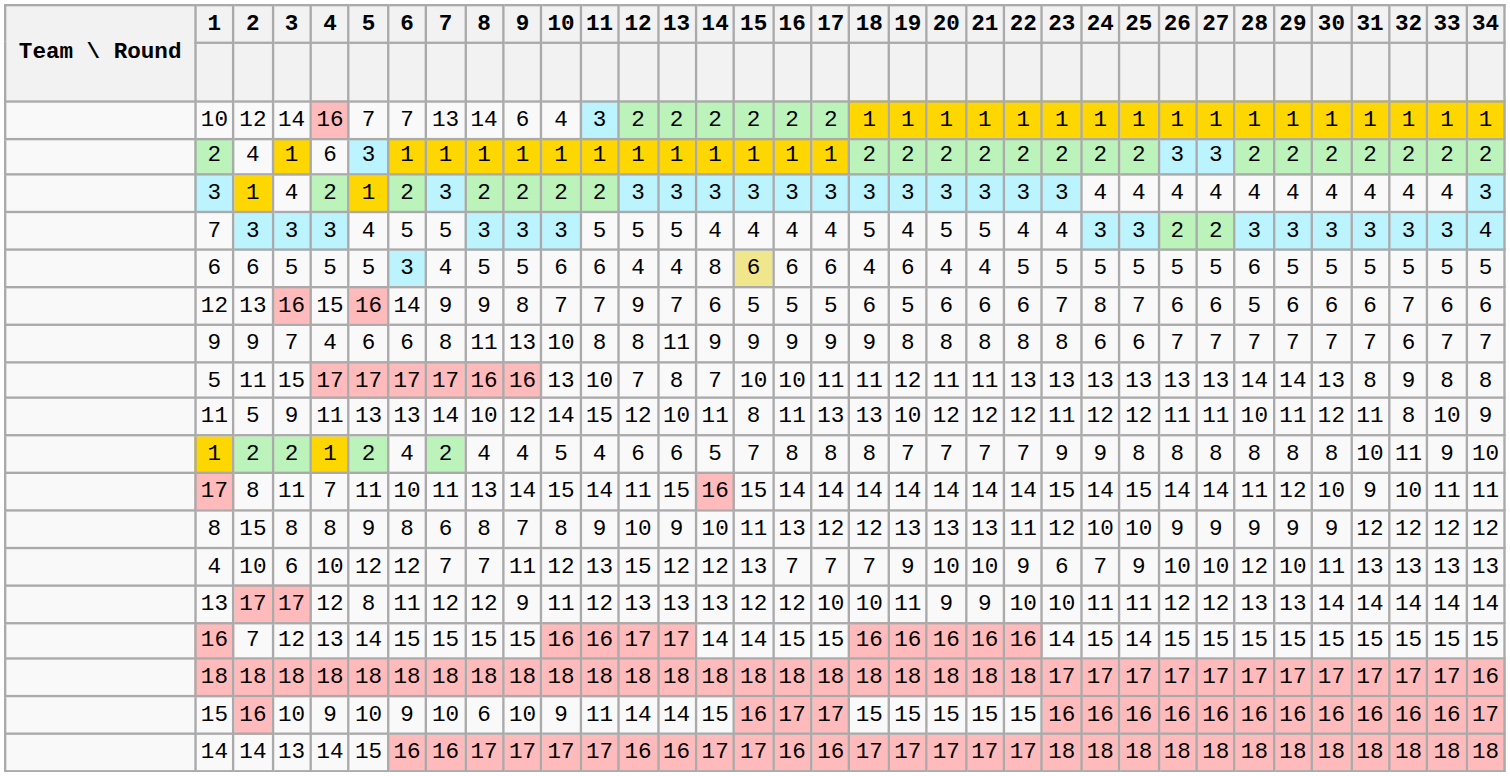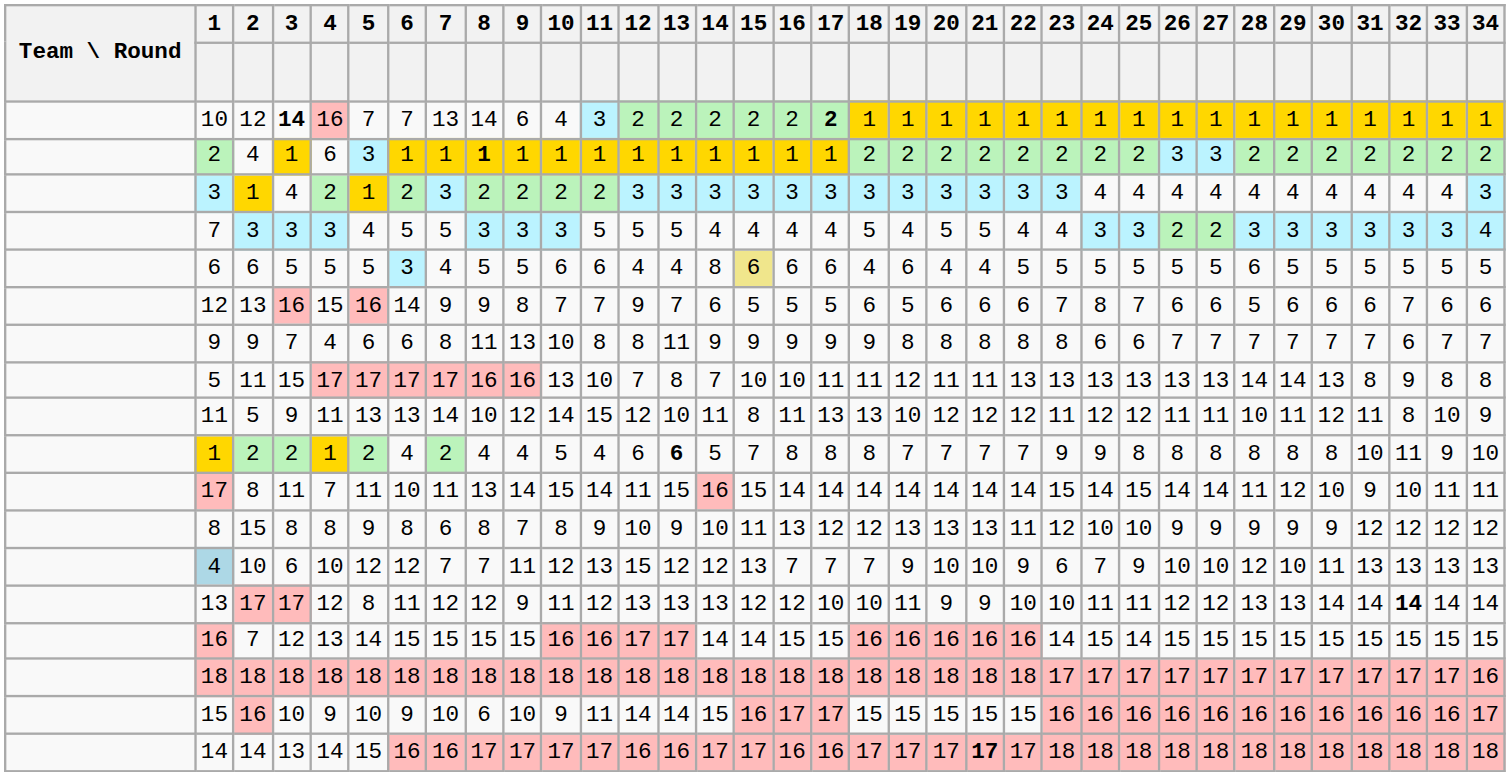 <table class="wikitable sortable" style="font-size: 74%; text-align:center">
 <tr>
 <th rowspan="2" style="width:76px;">Team \ Round</th>
 <th align=center>1</th>
 <th align=center>2</th>
 <th align=center>3</th>
 <th align=center>4</th>
 <th align=center>5</th>
 <th align=center>6</th>
 <th align=center>7</th>
 <th align=center>8</th>
 <th align=center>9</th>
 <th align=center>10</th>
 <th align=center>11</th>
 <th align=center>12</th>
 <th align=center>13</th>
 <th align=center>14</th>
 <th align=center>15</th>
 <th align=center>16</th>
 <th align=center>17</th>
 <th align=center>18</th>
 <th align=center>19</th>
 <th align=center>20</th>
 <th align=center>21</th>
 <th align=center>22</th>
 <th align=center>23</th>
 <th align=center>24</th>
 <th align=center>25</th>
 <th align=center>26</th>
 <th align=center>27</th>
 <th align=center>28</th>
 <th align=center>29</th>
 <th align=center>30</th>
 <th align=center>31</th>
 <th align=center>32</th>
 <th align=center>33</th>
 <th align=center>34</th>
 </tr>
 <tr>
 <th style="text-align:center; height:20px;"></th>
 <th align=center></th>
 <th align=center></th>
 <th align=center></th>
 <th align=center></th>
 <th align=center></th>
 <th align=center></th>
 <th align=center></th>
 <th align=center></th>
 <th align=center></th>
 <th align=center></th>
 <th align=center></th>
 <th align=center></th>
 <th align=center></th>
 <th align=center></th>
 <th align=center></th>
 <th align=center></th>
 <th align=center></th>
 <th align=center></th>
 <th align=center></th>
 <th align=center></th>
 <th align=center></th>
 <th align=center></th>
 <th align=center></th>
 <th align=center></th>
 <th align=center></th>
 <th align=center></th>
 <th align=center></th>
 <th align=center></th>
 <th align=center></th>
 <th align=center></th>
 <th align=center></th>
 <th align=center></th>
 <th align=center></th>
 </tr>
 <tr align=center>
 <td align=left></td>
 <td>10</td>
 <td>12</td>
-<td>14</td>
+<td><strong>14</strong></td>
 <td style="background:#FFBBBB">16</td>
 <td>7</td>
 <td>7</td>
 <td>13</td>
 <td>14</td>
 <td>6</td>
 <td>4</td>
 <td style="background:#BBF3FF">3</td>
 <td style="background:#BBF3BB">2</td>
 <td style="background:#BBF3BB">2</td>
 <td style="background:#BBF3BB">2</td>
 <td style="background:#BBF3BB">2</td>
 <td style="background:#BBF3BB">2</td>
-<td style="background:#BBF3BB">2</td>
+<td style="background:#BBF3BB"><strong>2</strong></td>
 <td style="background:gold">1</td>
 <td style="background:gold">1</td>
 <td style="background:gold">1</td>
 <td style="background:gold">1</td>
 <td style="background:gold">1</td>
 <td style="background:gold">1</td>
 <td style="background:gold">1</td>
 <td style="background:gold">1</td>
 <td style="background:gold">1</td>
 <td style="background:gold">1</td>
 <td style="background:gold">1</td>
 <td style="background:gold">1</td>
 <td style="background:gold">1</td>
 <td style="background:gold">1</td>
 <td style="background:gold">1</td>
 <td style="background:gold">1</td>
 <td style="background:gold">1</td>
 </tr>
 <tr align=center>
 <td align=left></td>
 <td style="background:#BBF3BB">2</td>
 <td>4</td>
 <td style="background:gold">1</td>
 <td>6</td>
 <td style="background:#BBF3FF">3</td>
 <td style="background:gold">1</td>
 <td style="background:gold">1</td>
-<td style="background:gold">1</td>
+<td style="background:gold"><strong>1</strong></td>
 <td style="background:gold">1</td>
 <td style="background:gold">1</td>
 <td style="background:gold">1</td>
 <td style="background:gold">1</td>
 <td style="background:gold">1</td>
 <td style="background:gold">1</td>
 <td style="background:gold">1</td>
 <td style="background:gold">1</td>
 <td style="background:gold">1</td>
 <td style="background:#BBF3BB">2</td>
 <td style="background:#BBF3BB">2</td>
 <td style="background:#BBF3BB">2</td>
 <td style="background:#BBF3BB">2</td>
 <td style="background:#BBF3BB">2</td>
 <td style="background:#BBF3BB">2</td>
 <td style="background:#BBF3BB">2</td>
 <td style="background:#BBF3BB">2</td>
 <td style="background:#BBF3FF">3</td>
 <td style="background:#BBF3FF">3</td>
 <td style="background:#BBF3BB">2</td>
 <td style="background:#BBF3BB">2</td>
 <td style="background:#BBF3BB">2</td>
 <td style="background:#BBF3BB">2</td>
 <td style="background:#BBF3BB">2</td>
 <td style="background:#BBF3BB">2</td>
 <td style="background:#BBF3BB">2</td>
 </tr>
 <tr align=center>
 <td align=left></td>
 <td style="background:#BBF3FF">3</td>
 <td style="background:gold">1</td>
 <td>4</td>
 <td style="background:#BBF3BB">2</td>
 <td style="background:gold">1</td>
 <td style="background:#BBF3BB">2</td>
 <td style="background:#BBF3FF">3</td>
 <td style="background:#BBF3BB">2</td>
 <td style="background:#BBF3BB">2</td>
 <td style="background:#BBF3BB">2</td>
 <td style="background:#BBF3BB">2</td>
 <td style="background:#BBF3FF">3</td>
 <td style="background:#BBF3FF">3</td>
 <td style="background:#BBF3FF">3</td>
 <td style="background:#BBF3FF">3</td>
 <td style="background:#BBF3FF">3</td>
 <td style="background:#BBF3FF">3</td>
 <td style="background:#BBF3FF">3</td>
 <td style="background:#BBF3FF">3</td>
 <td style="background:#BBF3FF">3</td>
 <td style="background:#BBF3FF">3</td>
 <td style="background:#BBF3FF">3</td>
 <td style="background:#BBF3FF">3</td>
 <td>4</td>
 <td>4</td>
 <td>4</td>
 <td>4</td>
 <td>4</td>
 <td>4</td>
 <td>4</td>
 <td>4</td>
 <td>4</td>
 <td>4</td>
 <td style="background:#BBF3FF">3</td>
 </tr>
 <tr align=center>
 <td align=left></td>
 <td>7</td>
 <td style="background:#BBF3FF">3</td>
 <td style="background:#BBF3FF">3</td>
 <td style="background:#BBF3FF">3</td>
 <td>4</td>
 <td>5</td>
 <td>5</td>
 <td style="background:#BBF3FF">3</td>
 <td style="background:#BBF3FF">3</td>
 <td style="background:#BBF3FF">3</td>
 <td>5</td>
 <td>5</td>
 <td>5</td>
 <td>4</td>
 <td>4</td>
 <td>4</td>
 <td>4</td>
 <td>5</td>
 <td>4</td>
 <td>5</td>
 <td>5</td>
 <td>4</td>
 <td>4</td>
 <td style="background:#BBF3FF">3</td>
 <td style="background:#BBF3FF">3</td>
 <td style="background:#BBF3BB">2</td>
 <td style="background:#BBF3BB">2</td>
 <td style="background:#BBF3FF">3</td>
 <td style="background:#BBF3FF">3</td>
 <td style="background:#BBF3FF">3</td>
 <td style="background:#BBF3FF">3</td>
 <td style="background:#BBF3FF">3</td>
 <td style="background:#BBF3FF">3</td>
 <td style="background:#BBF3FF">4</td>
 </tr>
 <tr align=center>
 <td align=left></td>
 <td>6</td>
 <td>6</td>
 <td>5</td>
 <td>5</td>
 <td>5</td>
 <td style="background:#BBF3FF">3</td>
 <td>4</td>
 <td>5</td>
 <td>5</td>
 <td>6</td>
 <td>6</td>
 <td>4</td>
 <td>4</td>
 <td>8</td>
 <td style="background: khaki;">6</td>
 <td>6</td>
 <td>6</td>
 <td>4</td>
 <td>6</td>
 <td>4</td>
 <td>4</td>
 <td>5</td>
 <td>5</td>
 <td>5</td>
 <td>5</td>
 <td>5</td>
 <td>5</td>
 <td>6</td>
 <td>5</td>
 <td>5</td>
 <td>5</td>
 <td>5</td>
 <td>5</td>
 <td>5</td>
 </tr>
 <tr align=center>
 <td align=left></td>
 <td>12</td>
 <td>13</td>
 <td style="background:#FFBBBB">16</td>
 <td>15</td>
 <td style="background:#FFBBBB">16</td>
 <td>14</td>
 <td>9</td>
 <td>9</td>
 <td>8</td>
 <td>7</td>
 <td>7</td>
 <td>9</td>
 <td>7</td>
 <td>6</td>
 <td>5</td>
 <td>5</td>
 <td>5</td>
 <td>6</td>
 <td>5</td>
 <td>6</td>
 <td>6</td>
 <td>6</td>
 <td>7</td>
 <td>8</td>
 <td>7</td>
 <td>6</td>
 <td>6</td>
 <td>5</td>
 <td>6</td>
 <td>6</td>
 <td>6</td>
 <td>7</td>
 <td>6</td>
 <td>6</td>
 </tr>
 <tr align=center>
 <td align=left></td>
 <td>9</td>
 <td>9</td>
 <td>7</td>
 <td>4</td>
 <td>6</td>
 <td>6</td>
 <td>8</td>
 <td>11</td>
 <td>13</td>
 <td>10</td>
 <td>8</td>
 <td>8</td>
 <td>11</td>
 <td>9</td>
 <td>9</td>
 <td>9</td>
 <td>9</td>
 <td>9</td>
 <td>8</td>
 <td>8</td>
 <td>8</td>
 <td>8</td>
 <td>8</td>
 <td>6</td>
 <td>6</td>
 <td>7</td>
 <td>7</td>
 <td>7</td>
 <td>7</td>
 <td>7</td>
 <td>7</td>
 <td>6</td>
 <td>7</td>
 <td>7</td>
 </tr>
 <tr align=center>
 <td align=left></td>
 <td>5</td>
 <td>11</td>
 <td>15</td>
 <td style="background:#FFBBBB">17</td>
 <td style="background:#FFBBBB">17</td>
 <td style="background:#FFBBBB">17</td>
 <td style="background:#FFBBBB">17</td>
 <td style="background:#FFBBBB">16</td>
 <td style="background:#FFBBBB">16</td>
 <td>13</td>
 <td>10</td>
 <td>7</td>
 <td>8</td>
 <td>7</td>
 <td>10</td>
 <td>10</td>
 <td>11</td>
 <td>11</td>
 <td>12</td>
 <td>11</td>
 <td>11</td>
 <td>13</td>
 <td>13</td>
 <td>13</td>
 <td>13</td>
 <td>13</td>
 <td>13</td>
 <td>14</td>
 <td>14</td>
 <td>13</td>
 <td>8</td>
 <td>9</td>
 <td>8</td>
 <td>8</td>
 </tr>
 <tr align=center>
 <td align=left></td>
 <td>11</td>
 <td>5</td>
 <td>9</td>
 <td>11</td>
 <td>13</td>
 <td>13</td>
 <td>14</td>
 <td>10</td>
 <td>12</td>
 <td>14</td>
 <td>15</td>
 <td>12</td>
 <td>10</td>
 <td>11</td>
 <td>8</td>
 <td>11</td>
 <td>13</td>
 <td>13</td>
 <td>10</td>
 <td>12</td>
 <td>12</td>
 <td>12</td>
 <td>11</td>
 <td>12</td>
 <td>12</td>
 <td>11</td>
 <td>11</td>
 <td>10</td>
 <td>11</td>
 <td>12</td>
 <td>11</td>
 <td>8</td>
 <td>10</td>
 <td>9</td>
 </tr>
 <tr align=center>
 <td align=left></td>
 <td style="background:gold">1</td>
 <td style="background:#BBF3BB">2</td>
 <td style="background:#BBF3BB">2</td>
 <td style="background:gold">1</td>
 <td style="background:#BBF3BB">2</td>
 <td>4</td>
 <td style="background:#BBF3BB">2</td>
 <td>4</td>
 <td>4</td>
 <td>5</td>
 <td>4</td>
 <td>6</td>
-<td>6</td>
+<td><strong>6</strong></td>
 <td>5</td>
 <td>7</td>
 <td>8</td>
 <td>8</td>
 <td>8</td>
 <td>7</td>
 <td>7</td>
 <td>7</td>
 <td>7</td>
 <td>9</td>
 <td>9</td>
 <td>8</td>
 <td>8</td>
 <td>8</td>
 <td>8</td>
 <td>8</td>
 <td>8</td>
 <td>10</td>
 <td>11</td>
 <td>9</td>
 <td>10</td>
 </tr>
 <tr align=center>
 <td align=left></td>
 <td style="background:#FFBBBB">17</td>
 <td>8</td>
 <td>11</td>
 <td>7</td>
 <td>11</td>
 <td>10</td>
 <td>11</td>
 <td>13</td>
 <td>14</td>
 <td>15</td>
 <td>14</td>
 <td>11</td>
 <td>15</td>
 <td style="background:#FFBBBB">16</td>
 <td>15</td>
 <td>14</td>
 <td>14</td>
 <td>14</td>
 <td>14</td>
 <td>14</td>
 <td>14</td>
 <td>14</td>
 <td>15</td>
 <td>14</td>
 <td>15</td>
 <td>14</td>
 <td>14</td>
 <td>11</td>
 <td>12</td>
 <td>10</td>
 <td>9</td>
 <td>10</td>
 <td>11</td>
 <td>11</td>
 </tr>
 <tr align=center>
 <td align=left></td>
 <td>8</td>
 <td>15</td>
 <td>8</td>
 <td>8</td>
 <td>9</td>
 <td>8</td>
 <td>6</td>
 <td>8</td>
 <td>7</td>
 <td>8</td>
 <td>9</td>
 <td>10</td>
 <td>9</td>
 <td>10</td>
 <td>11</td>
 <td>13</td>
 <td>12</td>
 <td>12</td>
 <td>13</td>
 <td>13</td>
 <td>13</td>
 <td>11</td>
 <td>12</td>
 <td>10</td>
 <td>10</td>
 <td>9</td>
 <td>9</td>
 <td>9</td>
 <td>9</td>
 <td>9</td>
 <td>12</td>
 <td>12</td>
 <td>12</td>
 <td>12</td>
 </tr>
 <tr align=center>
 <td align=left></td>
-<td>4</td>
+<td style="background: lightblue;">4</td>
 <td>10</td>
 <td>6</td>
 <td>10</td>
 <td>12</td>
 <td>12</td>
 <td>7</td>
 <td>7</td>
 <td>11</td>
 <td>12</td>
 <td>13</td>
 <td>15</td>
 <td>12</td>
 <td>12</td>
 <td>13</td>
 <td>7</td>
 <td>7</td>
 <td>7</td>
 <td>9</td>
 <td>10</td>
 <td>10</td>
 <td>9</td>
 <td>6</td>
 <td>7</td>
 <td>9</td>
 <td>10</td>
 <td>10</td>
 <td>12</td>
 <td>10</td>
 <td>11</td>
 <td>13</td>
 <td>13</td>
 <td>13</td>
 <td>13</td>
 </tr>
 <tr align=center>
 <td align=left></td>
 <td>13</td>
 <td style="background:#FFBBBB">17</td>
 <td style="background:#FFBBBB">17</td>
 <td>12</td>
 <td>8</td>
 <td>11</td>
 <td>12</td>
 <td>12</td>
 <td>9</td>
 <td>11</td>
 <td>12</td>
 <td>13</td>
 <td>13</td>
 <td>13</td>
 <td>12</td>
 <td>12</td>
 <td>10</td>
 <td>10</td>
 <td>11</td>
 <td>9</td>
 <td>9</td>
 <td>10</td>
 <td>10</td>
 <td>11</td>
 <td>11</td>
 <td>12</td>
 <td>12</td>
 <td>13</td>
 <td>13</td>
 <td>14</td>
 <td>14</td>
-<td>14</td>
+<td><strong>14</strong></td>
 <td>14</td>
 <td>14</td>
 </tr>
 <tr align=center>
 <td align=left></td>
 <td style="background:#FFBBBB">16</td>
 <td>7</td>
 <td>12</td>
 <td>13</td>
 <td>14</td>
 <td>15</td>
 <td>15</td>
 <td>15</td>
 <td>15</td>
 <td style="background:#FFBBBB">16</td>
 <td style="background:#FFBBBB">16</td>
 <td style="background:#FFBBBB">17</td>
 <td style="background:#FFBBBB">17</td>
 <td>14</td>
 <td>14</td>
 <td>15</td>
 <td>15</td>
 <td style="background:#FFBBBB">16</td>
 <td style="background:#FFBBBB">16</td>
 <td style="background:#FFBBBB">16</td>
 <td style="background:#FFBBBB">16</td>
 <td style="background:#FFBBBB">16</td>
 <td>14</td>
 <td>15</td>
 <td>14</td>
 <td>15</td>
 <td>15</td>
 <td>15</td>
 <td>15</td>
 <td>15</td>
 <td>15</td>
 <td>15</td>
 <td>15</td>
 <td>15</td>
 </tr>
 <tr align=center>
 <td align=left></td>
 <td style="background:#FFBBBB">18</td>
 <td style="background:#FFBBBB">18</td>
 <td style="background:#FFBBBB">18</td>
 <td style="background:#FFBBBB">18</td>
 <td style="background:#FFBBBB">18</td>
 <td style="background:#FFBBBB">18</td>
 <td style="background:#FFBBBB">18</td>
 <td style="background:#FFBBBB">18</td>
 <td style="background:#FFBBBB">18</td>
 <td style="background:#FFBBBB">18</td>
 <td style="background:#FFBBBB">18</td>
 <td style="background:#FFBBBB">18</td>
 <td style="background:#FFBBBB">18</td>
 <td style="background:#FFBBBB">18</td>
 <td style="background:#FFBBBB">18</td>
 <td style="background:#FFBBBB">18</td>
 <td style="background:#FFBBBB">18</td>
 <td style="background:#FFBBBB">18</td>
 <td style="background:#FFBBBB">18</td>
 <td style="background:#FFBBBB">18</td>
 <td style="background:#FFBBBB">18</td>
 <td style="background:#FFBBBB">18</td>
 <td style="background:#FFBBBB">17</td>
 <td style="background:#FFBBBB">17</td>
 <td style="background:#FFBBBB">17</td>
 <td style="background:#FFBBBB">17</td>
 <td style="background:#FFBBBB">17</td>
 <td style="background:#FFBBBB">17</td>
 <td style="background:#FFBBBB">17</td>
 <td style="background:#FFBBBB">17</td>
 <td style="background:#FFBBBB">17</td>
 <td style="background:#FFBBBB">17</td>
 <td style="background:#FFBBBB">17</td>
 <td style="background:#FFBBBB">16</td>
 </tr>
 <tr align=center>
 <td align=left></td>
 <td>15</td>
 <td style="background:#FFBBBB">16</td>
 <td>10</td>
 <td>9</td>
 <td>10</td>
 <td>9</td>
 <td>10</td>
 <td>6</td>
 <td>10</td>
 <td>9</td>
 <td>11</td>
 <td>14</td>
 <td>14</td>
 <td>15</td>
 <td style="background:#FFBBBB">16</td>
 <td style="background:#FFBBBB">17</td>
 <td style="background:#FFBBBB">17</td>
 <td>15</td>
 <td>15</td>
 <td>15</td>
 <td>15</td>
 <td>15</td>
 <td style="background:#FFBBBB">16</td>
 <td style="background:#FFBBBB">16</td>
 <td style="background:#FFBBBB">16</td>
 <td style="background:#FFBBBB">16</td>
 <td style="background:#FFBBBB">16</td>
 <td style="background:#FFBBBB">16</td>
 <td style="background:#FFBBBB">16</td>
 <td style="background:#FFBBBB">16</td>
 <td style="background:#FFBBBB">16</td>
 <td style="background:#FFBBBB">16</td>
 <td style="background:#FFBBBB">16</td>
 <td style="background:#FFBBBB">17</td>
 </tr>
 <tr align=center>
 <td align=left></td>
 <td>14</td>
 <td>14</td>
 <td>13</td>
 <td>14</td>
 <td>15</td>
 <td style="background:#FFBBBB">16</td>
 <td style="background:#FFBBBB">16</td>
 <td style="background:#FFBBBB">17</td>
 <td style="background:#FFBBBB">17</td>
 <td style="background:#FFBBBB">17</td>
 <td style="background:#FFBBBB">17</td>
 <td style="background:#FFBBBB">16</td>
 <td style="background:#FFBBBB">16</td>
 <td style="background:#FFBBBB">17</td>
 <td style="background:#FFBBBB">17</td>
 <td style="background:#FFBBBB">16</td>
 <td style="background:#FFBBBB">16</td>
 <td style="background:#FFBBBB">17</td>
 <td style="background:#FFBBBB">17</td>
 <td style="background:#FFBBBB">17</td>
-<td style="background:#FFBBBB">17</td>
+<td style="background:#FFBBBB"><strong>17</strong></td>
 <td style="background:#FFBBBB">17</td>
 <td style="background:#FFBBBB">18</td>
 <td style="background:#FFBBBB">18</td>
 <td style="background:#FFBBBB">18</td>
 <td style="background:#FFBBBB">18</td>
 <td style="background:#FFBBBB">18</td>
 <td style="background:#FFBBBB">18</td>
 <td style="background:#FFBBBB">18</td>
 <td style="background:#FFBBBB">18</td>
 <td style="background:#FFBBBB">18</td>
 <td style="background:#FFBBBB">18</td>
 <td style="background:#FFBBBB">18</td>
 <td style="background:#FFBBBB">18</td>
 </tr>
 </table>
